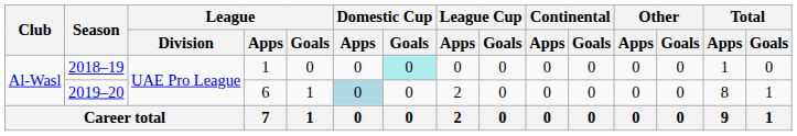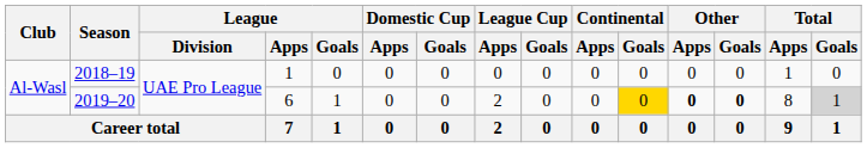 <table class="wikitable" style="text-align: center">
 <tr>
 <th rowspan=2>Club</th>
 <th rowspan=2>Season</th>
 <th colspan=3>League</th>
 <th colspan=2>Domestic Cup</th>
 <th colspan=2>League Cup</th>
 <th colspan=2>Continental</th>
 <th colspan=2>Other</th>
 <th colspan=2>Total</th>
 </tr>
 <tr>
 <th>Division</th>
 <th>Apps</th>
 <th>Goals</th>
 <th>Apps</th>
 <th>Goals</th>
 <th>Apps</th>
 <th>Goals</th>
 <th>Apps</th>
 <th>Goals</th>
 <th>Apps</th>
 <th>Goals</th>
 <th>Apps</th>
 <th>Goals</th>
 </tr>
 <tr>
 <td rowspan=2><a href='#'>Al-Wasl</a></td>
 <td><a href='#'>2018–19</a></td>
 <td rowspan=2><a href='#'>UAE Pro League</a></td>
 <td>1</td>
 <td>0</td>
 <td>0</td>
-<td style="background: paleturquoise;">0</td>
+<td>0</td>
 <td>0</td>
 <td>0</td>
 <td>0</td>
 <td>0</td>
 <td>0</td>
 <td>0</td>
 <td>1</td>
 <td>0</td>
 </tr>
 <tr>
 <td><a href='#'>2019–20</a></td>
 <td>6</td>
 <td>1</td>
-<td style="background: lightblue;">0</td>
+<td>0</td>
 <td>0</td>
 <td>2</td>
 <td>0</td>
 <td>0</td>
-<td>0</td>
-<td>0</td>
-<td>0</td>
+<td style="background: gold;">0</td>
+<td><strong>0</strong></td>
+<td><strong>0</strong></td>
 <td>8</td>
-<td>1</td>
+<td style="background: lightgrey;">1</td>
 </tr>
 <tr>
 <th colspan=3>Career total</th>
 <th>7</th>
 <th>1</th>
 <th>0</th>
 <th>0</th>
 <th>2</th>
 <th>0</th>
 <th>0</th>
 <th>0</th>
 <th>0</th>
 <th>0</th>
 <th>9</th>
 <th>1</th>
 </tr>
 </table>
